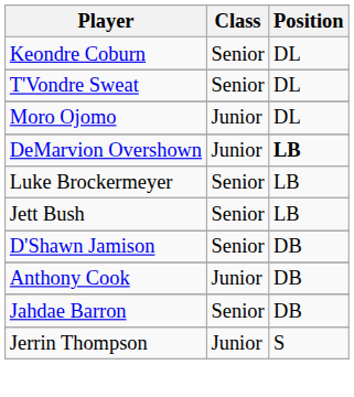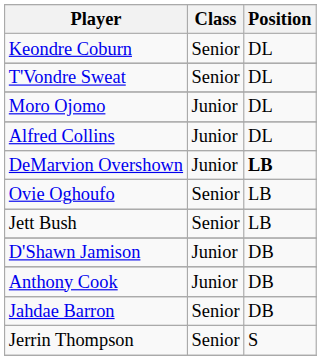 <table class="wikitable">
 <tr style="text-align:center; ">
 </tr>
 <tr>
 <th style="text-align:center; ">Player</th>
 <th style="text-align:center; ">Class</th>
 <th style="text-align:center; ">Position</th>
 </tr>
 <tr>
 <td><a href='#'>Keondre Coburn</a></td>
 <td>Senior</td>
 <td>DL</td>
 </tr>
 <tr>
 </tr>
 <tr>
 <td><a href='#'>T'Vondre Sweat</a></td>
 <td>Senior</td>
 <td>DL</td>
 </tr>
 <tr>
 </tr>
 <tr>
 <td><a href='#'>Moro Ojomo</a></td>
 <td>Junior</td>
 <td>DL</td>
 </tr>
 <tr>
 </tr>
 <tr>
+<td><a href='#'>Alfred Collins</a></td>
+<td>Junior</td>
+<td>DL</td>
+</tr>
+<tr>
 </tr>
 <tr>
 <td><a href='#'>DeMarvion Overshown</a></td>
 <td>Junior</td>
 <td><strong>LB</strong></td>
 </tr>
 <tr>
 </tr>
 <tr>
-<td>Luke Brockermeyer</td>
+</tr>
+<tr>
+<td><a href='#'>Ovie Oghoufo</a></td>
 <td>Senior</td>
 <td>LB</td>
-</tr>
-<tr>
 </tr>
 <tr>
 </tr>
 <tr>
 <td>Jett Bush</td>
 <td>Senior</td>
 <td>LB</td>
 </tr>
 <tr>
 </tr>
 <tr>
 <td><a href='#'>D'Shawn Jamison</a></td>
-<td>Senior</td>
+<td>Junior</td>
 <td>DB</td>
 </tr>
 <tr>
 </tr>
 <tr>
 <td><a href='#'>Anthony Cook</a></td>
 <td>Junior</td>
 <td>DB</td>
 </tr>
 <tr>
 </tr>
 <tr>
 <td><a href='#'>Jahdae Barron</a></td>
 <td>Senior</td>
 <td>DB</td>
 </tr>
 <tr>
 </tr>
 <tr>
 <td>Jerrin Thompson</td>
-<td>Junior</td>
+<td>Senior</td>
 <td>S</td>
 </tr>
 <tr>
 </tr>
 </table>
